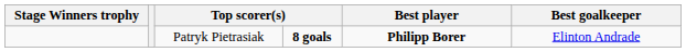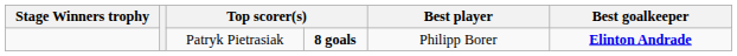 <table class="wikitable" style="text-align: center; font-size: 97%;">
 <tr>
 <th width=160>Stage Winners trophy</th>
 <th rowspan=2></th>
 <th colspan=2 width=210>Top scorer(s)</th>
 <th width=190>Best player</th>
 <th width=190>Best goalkeeper</th>
 </tr>
 <tr align=center style="background:">
 <td style="text-align:center;"></td>
 <td> Patryk Pietrasiak</td>
 <td><strong>8 goals</strong></td>
-<td><strong> Philipp Borer</strong></td>
-<td> <a href='#'>Elinton Andrade</a></td>
+<td> Philipp Borer</td>
+<td><strong> <a href='#'>Elinton Andrade</a></strong></td>
 </tr>
 </table>
